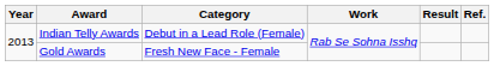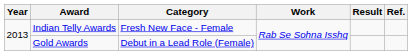 <table class="wikitable">
 <tr>
 <th>Year</th>
 <th>Award</th>
 <th>Category</th>
 <th>Work</th>
 <th>Result</th>
 <th>Ref.</th>
 </tr>
 <tr>
 <td rowspan="2">2013</td>
 <td><a href='#'>Indian Telly Awards</a></td>
-<td><a href='#'>Debut in a Lead Role (Female)</a></td>
+<td><a href='#'>Fresh New Face - Female</a></td>
 <td rowspan="2"><em><a href='#'>Rab Se Sohna Isshq</a></em></td>
 <td></td>
 <td></td>
 </tr>
 <tr>
 <td><a href='#'>Gold Awards</a></td>
-<td><a href='#'>Fresh New Face - Female</a></td>
+<td><a href='#'>Debut in a Lead Role (Female)</a></td>
 <td></td>
 <td></td>
 </tr>
 </table>
